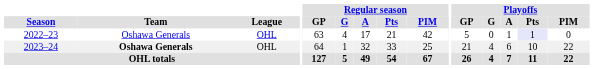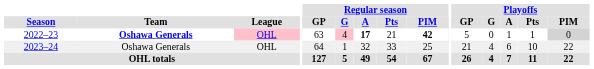 <table border="0" cellpadding="1" cellspacing="0" style="text-align:center; width:60em">
 <tr bgcolor="#e0e0e0">
 <th colspan="3" bgcolor="#ffffff"></th>
 <th rowspan="100" bgcolor="#ffffff"></th>
 <th colspan="5"><a href='#'>Regular season</a></th>
 <th rowspan="100" bgcolor="#ffffff"></th>
 <th colspan="5"><a href='#'>Playoffs</a></th>
 </tr>
 <tr bgcolor="#e0e0e0">
 <th><a href='#'>Season</a></th>
 <th>Team</th>
 <th>League</th>
 <th>GP</th>
 <th><a href='#'>G</a></th>
 <th><a href='#'>A</a></th>
 <th><a href='#'>Pts</a></th>
 <th><a href='#'>PIM</a></th>
 <th>GP</th>
 <th>G</th>
 <th>A</th>
 <th>Pts</th>
 <th>PIM</th>
 </tr>
 <tr>
 <td><a href='#'>2022–23</a></td>
-<td><a href='#'>Oshawa Generals</a></td>
-<td><a href='#'>OHL</a></td>
+<td><strong><a href='#'>Oshawa Generals</a></strong></td>
+<td style="background: pink;"><a href='#'>OHL</a></td>
 <td>63</td>
-<td>4</td>
-<td>17</td>
+<td style="background: pink;">4</td>
+<td><strong>17</strong></td>
 <td>21</td>
-<td>42</td>
+<td><strong>42</strong></td>
 <td>5</td>
 <td>0</td>
 <td>1</td>
-<td style="background: lavender;">1</td>
-<td>0</td>
+<td>1</td>
+<td style="background: lightgrey;">0</td>
 </tr>
 <tr bgcolor="#f0f0f0">
 <td><a href='#'>2023–24</a></td>
-<td><strong>Oshawa Generals</strong></td>
+<td>Oshawa Generals</td>
 <td>OHL</td>
 <td>64</td>
 <td>1</td>
 <td>32</td>
 <td>33</td>
 <td>25</td>
 <td>21</td>
 <td>4</td>
 <td>6</td>
 <td>10</td>
 <td>22</td>
 </tr>
 <tr bgcolor="#e0e0e0">
 <th colspan="3">OHL totals</th>
 <th>127</th>
 <th>5</th>
 <th>49</th>
 <th>54</th>
 <th>67</th>
 <th>26</th>
 <th>4</th>
 <th>7</th>
 <th>11</th>
 <th>22</th>
 </tr>
 </table>
